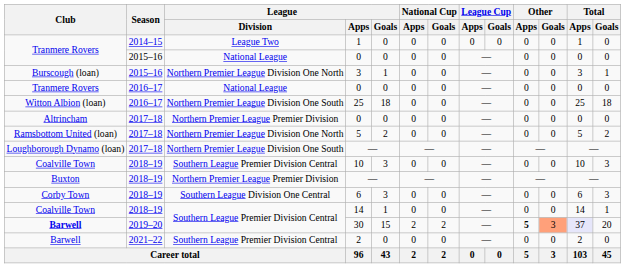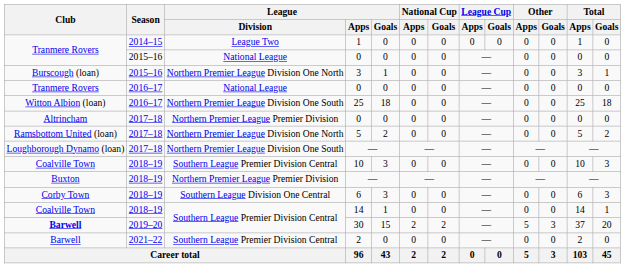 <table class="wikitable" style="text-align:center">
 <tr>
 <th rowspan="2">Club</th>
 <th rowspan="2">Season</th>
 <th colspan="3">League</th>
 <th colspan="2">National Cup</th>
 <th colspan="2"><a href='#'>League Cup</a></th>
 <th colspan="2">Other</th>
 <th colspan="2">Total</th>
 </tr>
 <tr>
 <th>Division</th>
 <th>Apps</th>
 <th>Goals</th>
 <th>Apps</th>
 <th>Goals</th>
 <th>Apps</th>
 <th>Goals</th>
 <th>Apps</th>
 <th>Goals</th>
 <th>Apps</th>
 <th>Goals</th>
 </tr>
 <tr>
 <td rowspan="2"><a href='#'>Tranmere Rovers</a></td>
 <td><a href='#'>2014–15</a></td>
 <td><a href='#'>League Two</a></td>
 <td>1</td>
 <td>0</td>
 <td>0</td>
 <td>0</td>
 <td>0</td>
 <td>0</td>
 <td>0</td>
 <td>0</td>
 <td>1</td>
 <td>0</td>
 </tr>
 <tr>
 <td>2015–16</td>
 <td><a href='#'>National League</a></td>
 <td>0</td>
 <td>0</td>
 <td>0</td>
 <td>0</td>
 <td colspan="2">—</td>
 <td>0</td>
 <td>0</td>
 <td>0</td>
 <td>0</td>
 </tr>
 <tr>
 <td><a href='#'>Burscough</a> (loan)</td>
 <td><a href='#'>2015–16</a></td>
 <td><a href='#'>Northern Premier League</a> Division One North</td>
 <td>3</td>
 <td>1</td>
 <td>0</td>
 <td>0</td>
 <td colspan="2">—</td>
 <td>0</td>
 <td>0</td>
 <td>3</td>
 <td>1</td>
 </tr>
 <tr>
 <td><a href='#'>Tranmere Rovers</a></td>
 <td><a href='#'>2016–17</a></td>
 <td><a href='#'>National League</a></td>
 <td>0</td>
 <td>0</td>
 <td>0</td>
 <td>0</td>
 <td colspan="2">—</td>
 <td>0</td>
 <td>0</td>
 <td>0</td>
 <td>0</td>
 </tr>
 <tr>
 <td><a href='#'>Witton Albion</a> (loan)</td>
 <td><a href='#'>2016–17</a></td>
 <td><a href='#'>Northern Premier League</a> Division One South</td>
 <td>25</td>
 <td>18</td>
 <td>0</td>
 <td>0</td>
 <td colspan="2">—</td>
 <td>0</td>
 <td>0</td>
 <td>25</td>
 <td>18</td>
 </tr>
 <tr>
 <td><a href='#'>Altrincham</a></td>
 <td><a href='#'>2017–18</a></td>
 <td><a href='#'>Northern Premier League</a> Premier Division</td>
 <td>0</td>
 <td>0</td>
 <td>0</td>
 <td>0</td>
 <td colspan="2">—</td>
 <td>0</td>
 <td>0</td>
 <td>0</td>
 <td>0</td>
 </tr>
 <tr>
 <td><a href='#'>Ramsbottom United</a> (loan)</td>
 <td><a href='#'>2017–18</a></td>
 <td><a href='#'>Northern Premier League</a> Division One North</td>
 <td>5</td>
 <td>2</td>
 <td>0</td>
 <td>0</td>
 <td colspan="2">—</td>
 <td>0</td>
 <td>0</td>
 <td>5</td>
 <td>2</td>
 </tr>
 <tr>
 <td><a href='#'>Loughborough Dynamo</a> (loan)</td>
 <td><a href='#'>2017–18</a></td>
 <td><a href='#'>Northern Premier League</a> Division One South</td>
 <td colspan="2">—</td>
 <td colspan="2">—</td>
 <td colspan="2">—</td>
 <td colspan="2">—</td>
 <td colspan="2">—</td>
 </tr>
 <tr>
 <td><a href='#'>Coalville Town</a></td>
 <td><a href='#'>2018–19</a></td>
 <td><a href='#'>Southern League</a> Premier Division Central</td>
 <td>10</td>
 <td>3</td>
 <td>0</td>
 <td>0</td>
 <td colspan="2">—</td>
 <td>0</td>
 <td>0</td>
 <td>10</td>
 <td>3</td>
 </tr>
 <tr>
 <td><a href='#'>Buxton</a></td>
 <td><a href='#'>2018–19</a></td>
 <td><a href='#'>Northern Premier League</a> Premier Division</td>
 <td colspan="2">—</td>
 <td colspan="2">—</td>
 <td colspan="2">—</td>
 <td colspan="2">—</td>
 <td colspan="2">—</td>
 </tr>
 <tr>
 <td><a href='#'>Corby Town</a></td>
 <td><a href='#'>2018–19</a></td>
 <td><a href='#'>Southern League</a> Division One Central</td>
 <td>6</td>
 <td>3</td>
 <td>0</td>
 <td>0</td>
 <td colspan="2">—</td>
 <td>0</td>
 <td>0</td>
 <td>6</td>
 <td>3</td>
 </tr>
 <tr>
 <td><a href='#'>Coalville Town</a></td>
 <td><a href='#'>2018–19</a></td>
 <td rowspan="2"><a href='#'>Southern League</a> Premier Division Central</td>
 <td>14</td>
 <td>1</td>
 <td>0</td>
 <td>0</td>
 <td colspan="2">—</td>
 <td>0</td>
 <td>0</td>
 <td>14</td>
 <td>1</td>
 </tr>
 <tr>
 <td><strong><a href='#'>Barwell</a></strong></td>
 <td><a href='#'>2019–20</a></td>
 <td>30</td>
 <td>15</td>
 <td>2</td>
 <td>2</td>
 <td colspan="2">—</td>
-<td><strong>5</strong></td>
-<td style="background: lightsalmon;">3</td>
-<td style="background: lavender;">37</td>
+<td>5</td>
+<td>3</td>
+<td>37</td>
 <td>20</td>
 </tr>
 <tr>
 <td><a href='#'>Barwell</a></td>
 <td><a href='#'>2021–22</a></td>
 <td><a href='#'>Southern League</a> Premier Division Central</td>
 <td>2</td>
 <td>0</td>
 <td>0</td>
 <td>0</td>
 <td colspan="2">—</td>
 <td>0</td>
 <td>0</td>
 <td>2</td>
 <td>0</td>
 </tr>
 <tr>
 <th colspan="3">Career total</th>
 <th>96</th>
 <th>43</th>
 <th>2</th>
 <th>2</th>
 <th>0</th>
 <th>0</th>
 <th>5</th>
 <th>3</th>
 <th>103</th>
 <th>45</th>
 </tr>
 </table>
